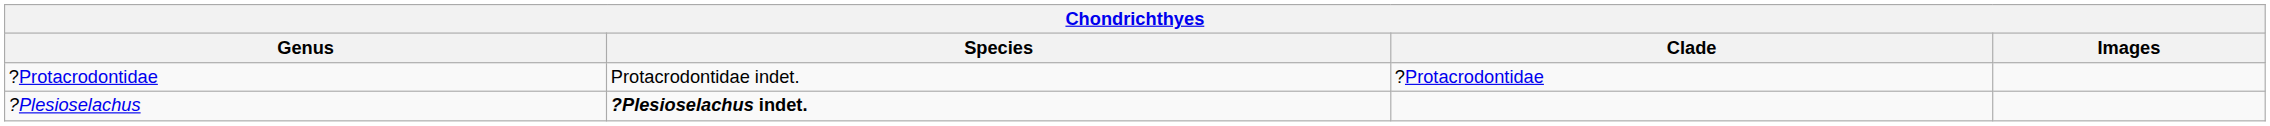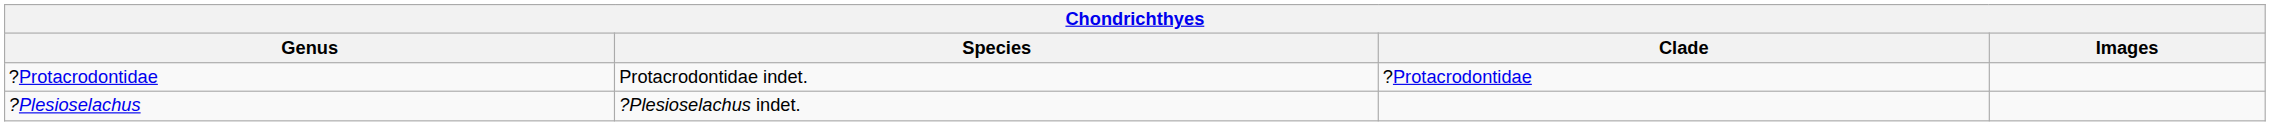 <table class="wikitable" align="center" width="100%">
 <tr>
 <th colspan="4" align="center"><strong><a href='#'>Chondrichthyes</a></strong></th>
 </tr>
 <tr>
 <th>Genus</th>
 <th>Species</th>
 <th>Clade</th>
 <th>Images</th>
 </tr>
 <tr>
 <td>?<a href='#'>Protacrodontidae</a></td>
 <td>Protacrodontidae indet.</td>
 <td>?<a href='#'>Protacrodontidae</a></td>
 <td></td>
 </tr>
 <tr>
 <td><em>?<a href='#'>Plesioselachus</a></em></td>
-<td><strong><em>?Plesioselachus</em> indet.</strong></td>
+<td><em>?Plesioselachus</em> indet.</td>
 <td></td>
 <td></td>
 </tr>
 </table>
